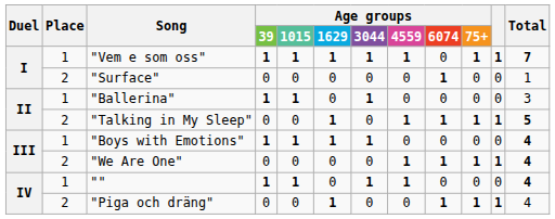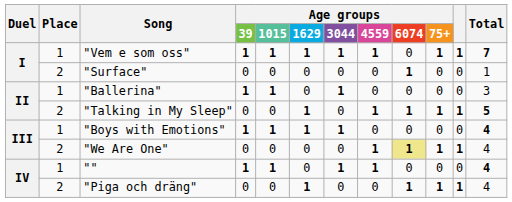 <table class="wikitable" style="margin: 1em auto 1em auto; text-align:center;">
 <tr>
 <th rowspan="2">Duel</th>
 <th rowspan="2">Place</th>
 <th rowspan="2">Song</th>
 <th colspan="7">Age groups</th>
 <th rowspan="2"></th>
 <th rowspan="2">Total</th>
 </tr>
 <tr>
 <th style="background:#76C043;color:white;">39</th>
 <th style="background:#55BF9A;color:white;">1015</th>
 <th style="background:#09AAE0;color:white;">1629</th>
 <th style="background:#804F9F;color:white;">3044</th>
 <th style="background:#D94599;color:white;">4559</th>
 <th style="background:#ED3E23;color:white;">6074</th>
 <th style="background:#F6931D;color:white;">75+</th>
 </tr>
 <tr>
 <th rowspan="2">I</th>
 <td>1</td>
 <td style="text-align:left;">"Vem e som oss"</td>
 <td><strong>1</strong></td>
 <td><strong>1</strong></td>
 <td><strong>1</strong></td>
 <td><strong>1</strong></td>
 <td><strong>1</strong></td>
 <td>0</td>
 <td><strong>1</strong></td>
 <td><strong>1</strong></td>
 <td><strong>7</strong></td>
 </tr>
 <tr>
 <td>2</td>
 <td style="text-align:left;">"Surface"</td>
 <td>0</td>
 <td>0</td>
 <td>0</td>
 <td>0</td>
 <td>0</td>
 <td><strong>1</strong></td>
 <td>0</td>
 <td>0</td>
 <td>1</td>
 </tr>
 <tr>
 <th rowspan="2">II</th>
 <td>1</td>
 <td style="text-align:left;">"Ballerina"</td>
 <td><strong>1</strong></td>
 <td><strong>1</strong></td>
 <td>0</td>
 <td><strong>1</strong></td>
 <td>0</td>
 <td>0</td>
 <td>0</td>
 <td>0</td>
 <td>3</td>
 </tr>
 <tr>
 <td>2</td>
 <td style="text-align:left;">"Talking in My Sleep"</td>
 <td>0</td>
 <td>0</td>
 <td><strong>1</strong></td>
 <td>0</td>
 <td><strong>1</strong></td>
 <td><strong>1</strong></td>
 <td><strong>1</strong></td>
 <td><strong>1</strong></td>
 <td><strong>5</strong></td>
 </tr>
 <tr>
 <th rowspan="2">III</th>
 <td>1</td>
 <td style="text-align:left;">"Boys with Emotions"</td>
 <td><strong>1</strong></td>
 <td><strong>1</strong></td>
 <td><strong>1</strong></td>
 <td><strong>1</strong></td>
 <td>0</td>
 <td>0</td>
 <td>0</td>
 <td>0</td>
 <td><strong>4</strong></td>
 </tr>
 <tr>
 <td>2</td>
 <td style="text-align:left;">"We Are One"</td>
 <td>0</td>
 <td>0</td>
 <td>0</td>
 <td>0</td>
 <td><strong>1</strong></td>
+<td style="background: khaki;"><strong>1</strong></td>
 <td><strong>1</strong></td>
 <td><strong>1</strong></td>
-<td><strong>1</strong></td>
-<td><strong>4</strong></td>
+<td>4</td>
 </tr>
 <tr>
 <th rowspan="2">IV</th>
 <td>1</td>
 <td style="text-align:left;">""</td>
 <td><strong>1</strong></td>
 <td><strong>1</strong></td>
 <td>0</td>
 <td><strong>1</strong></td>
 <td><strong>1</strong></td>
 <td>0</td>
 <td>0</td>
 <td>0</td>
 <td><strong>4</strong></td>
 </tr>
 <tr>
 <td>2</td>
 <td style="text-align:left;">"Piga och dräng"</td>
 <td>0</td>
 <td>0</td>
 <td><strong>1</strong></td>
 <td>0</td>
 <td>0</td>
 <td><strong>1</strong></td>
 <td><strong>1</strong></td>
 <td><strong>1</strong></td>
 <td>4</td>
 </tr>
 </table>
